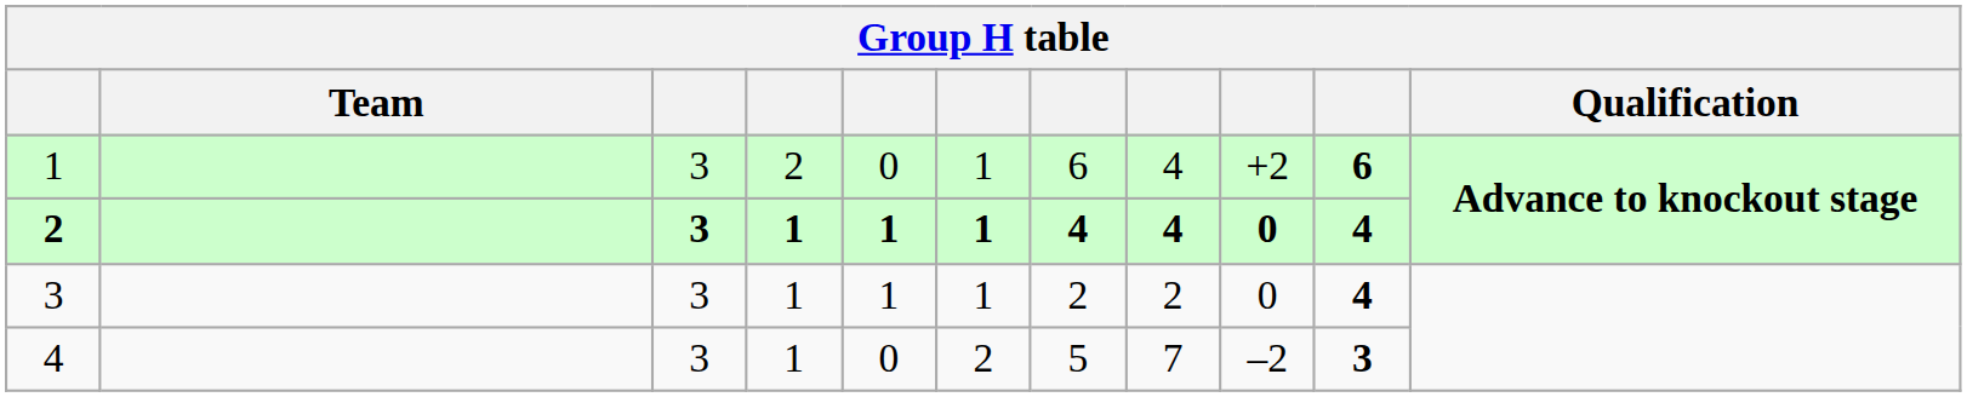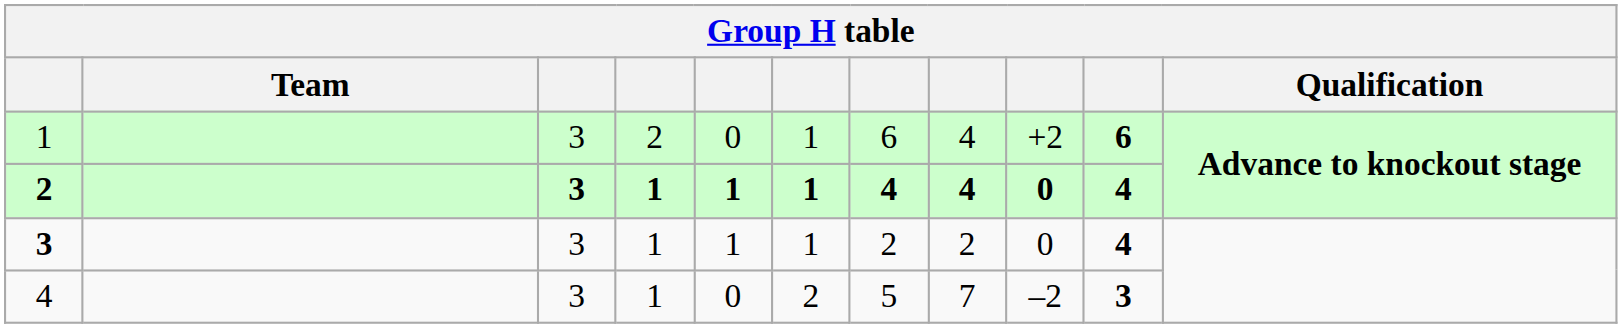 <table class="wikitable" style="text-align:center">
 <tr>
 <th colspan="11"><a href='#'>Group H</a> table</th>
 </tr>
 <tr>
 <th width="30"></th>
 <th width="210">Team</th>
 <th width="30"></th>
 <th width="30"></th>
 <th width="30"></th>
 <th width="30"></th>
 <th width="30"></th>
 <th width="30"></th>
 <th width="30"></th>
 <th width="30"></th>
 <th width="210">Qualification</th>
 </tr>
 <tr bgcolor="#ccffcc">
 <td>1</td>
 <td align="left"></td>
 <td>3</td>
 <td>2</td>
 <td>0</td>
 <td>1</td>
 <td>6</td>
 <td>4</td>
 <td>+2</td>
 <td><strong>6</strong></td>
 <td rowspan="2"><strong>Advance to knockout stage</strong></td>
 </tr>
 <tr bgcolor="#ccffcc">
 <td><strong>2</strong></td>
 <td align="left"><strong></strong></td>
 <td><strong>3</strong></td>
 <td><strong>1</strong></td>
 <td><strong>1</strong></td>
 <td><strong>1</strong></td>
 <td><strong>4</strong></td>
 <td><strong>4</strong></td>
 <td><strong>0</strong></td>
 <td><strong>4</strong></td>
 </tr>
 <tr>
-<td>3</td>
+<td><strong>3</strong></td>
 <td align="left"></td>
 <td>3</td>
 <td>1</td>
 <td>1</td>
 <td>1</td>
 <td>2</td>
 <td>2</td>
 <td>0</td>
 <td><strong>4</strong></td>
 <td rowspan="2"></td>
 </tr>
 <tr>
 <td>4</td>
 <td align="left"></td>
 <td>3</td>
 <td>1</td>
 <td>0</td>
 <td>2</td>
 <td>5</td>
 <td>7</td>
 <td>–2</td>
 <td><strong>3</strong></td>
 </tr>
 </table>
